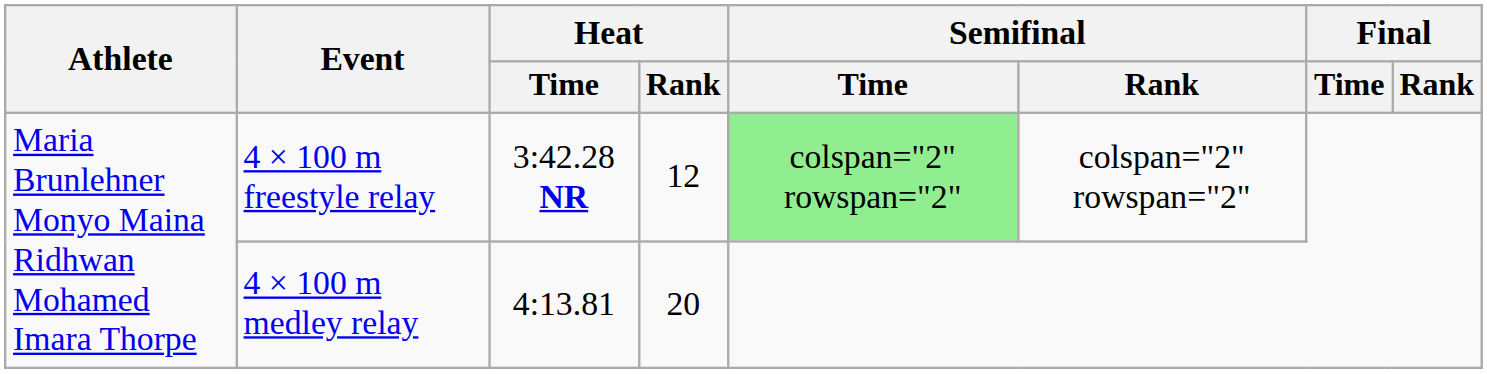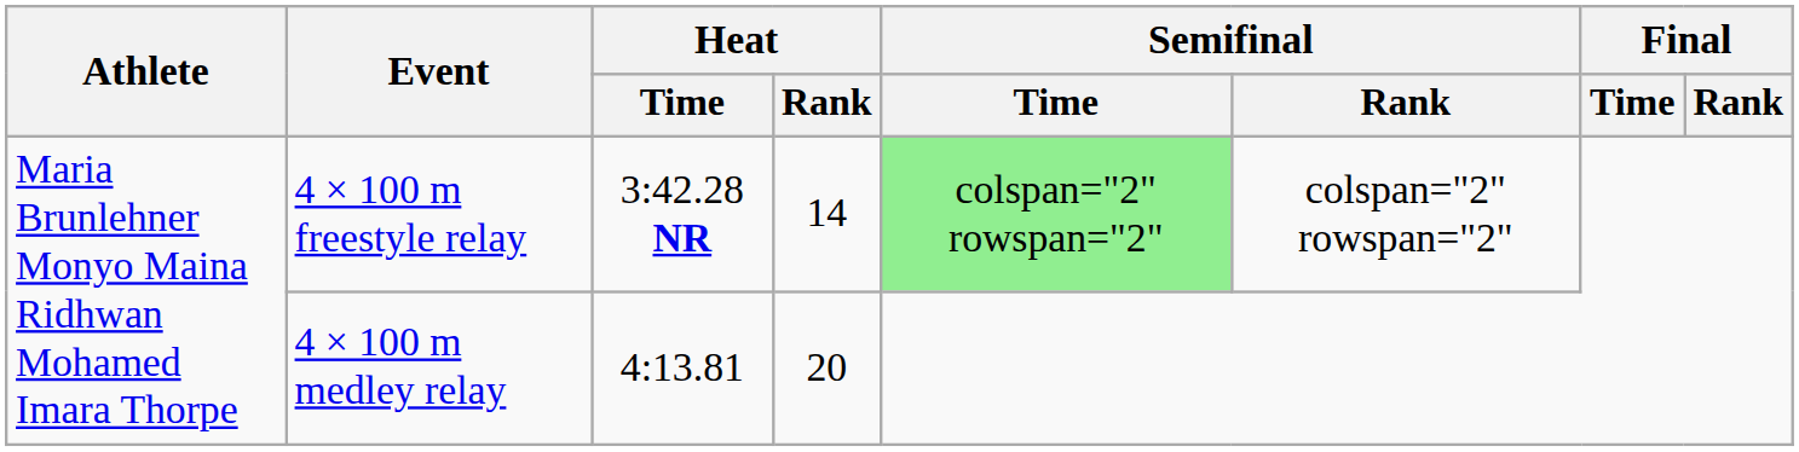 <table class="wikitable" style="text-align:center; font-size:90%; width:50%;">
 <tr>
 <th rowspan="2">Athlete</th>
 <th rowspan="2">Event</th>
 <th colspan="2">Heat</th>
 <th colspan="2">Semifinal</th>
 <th colspan="2">Final</th>
 </tr>
 <tr style="font-size:95%">
 <th>Time</th>
 <th>Rank</th>
 <th>Time</th>
 <th>Rank</th>
 <th>Time</th>
 <th>Rank</th>
 </tr>
 <tr>
 <td align=left rowspan=2><a href='#'>Maria Brunlehner</a> <br><a href='#'>Monyo Maina</a> <br><a href='#'>Ridhwan Mohamed</a> <br><a href='#'>Imara Thorpe</a></td>
 <td align=left><a href='#'>4 × 100 m freestyle relay</a></td>
 <td>3:42.28 <strong><a href='#'>NR</a></strong></td>
-<td>12</td>
+<td>14</td>
 <td style="background: lightgreen;">colspan="2" rowspan="2"</td>
 <td>colspan="2" rowspan="2" </td>
 </tr>
 <tr>
 <td align=left><a href='#'>4 × 100 m medley relay</a></td>
 <td>4:13.81</td>
 <td>20</td>
 </tr>
 </table>
